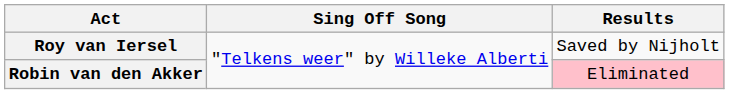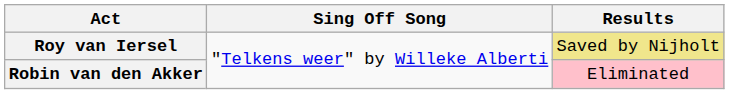 <table class="wikitable plainrowheaders" style="text-align:center;">
 <tr>
 <th scope="col">Act</th>
 <th scope="col">Sing Off Song</th>
 <th scope="col">Results</th>
 </tr>
 <tr>
 <th scope="row">Roy van Iersel</th>
 <td rowspan="2">"<a href='#'>Telkens weer</a>" by <a href='#'>Willeke Alberti</a></td>
-<td>Saved by Nijholt</td>
+<td style="background: khaki;">Saved by Nijholt</td>
 </tr>
 <tr>
 <th scope="row">Robin van den Akker</th>
 <td style="background:pink;">Eliminated</td>
 </tr>
 </table>
